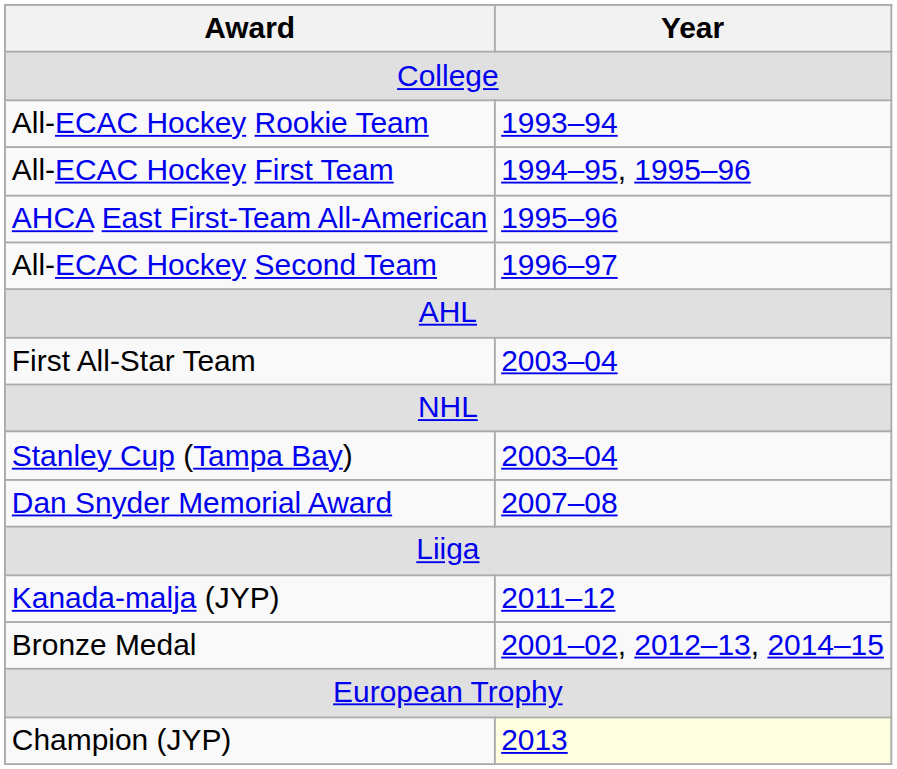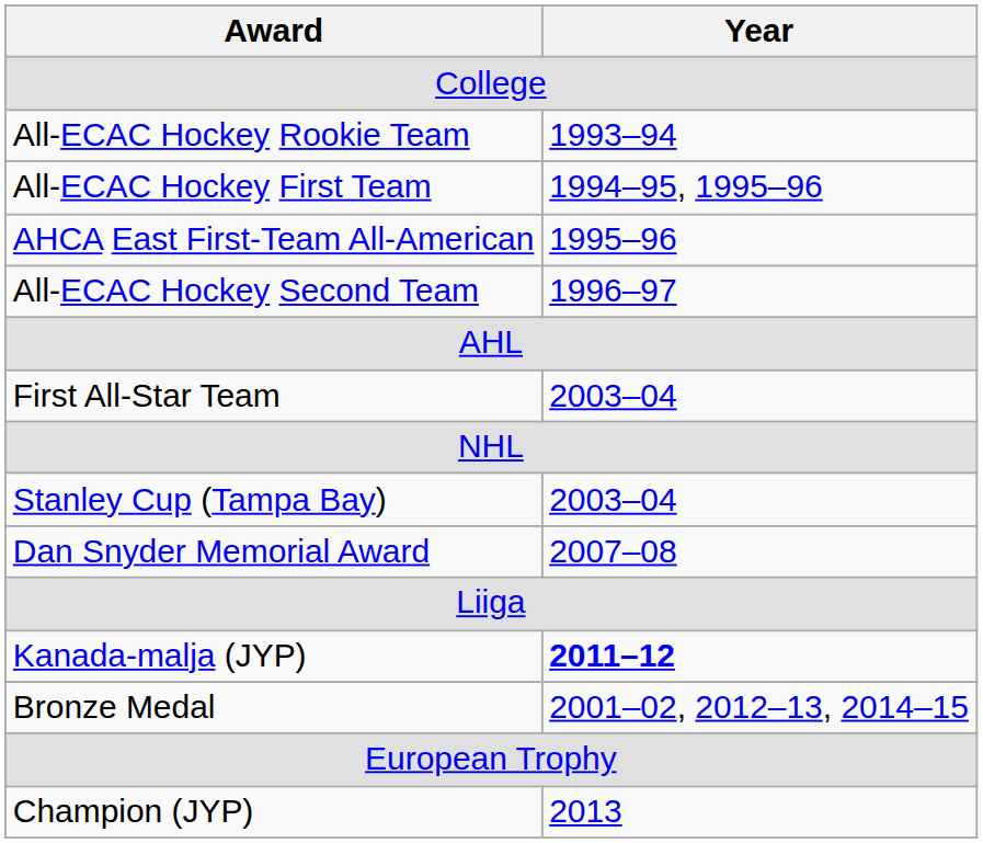 <table class="wikitable">
 <tr>
 <th>Award</th>
 <th>Year</th>
 </tr>
 <tr ALIGN="center" bgcolor="#e0e0e0">
 <td colspan="3"><a href='#'>College</a></td>
 </tr>
 <tr>
 <td>All-<a href='#'>ECAC Hockey</a> <a href='#'>Rookie Team</a></td>
 <td><a href='#'>1993–94</a></td>
 </tr>
 <tr>
 <td>All-<a href='#'>ECAC Hockey</a> <a href='#'>First Team</a></td>
 <td><a href='#'>1994–95</a>, <a href='#'>1995–96</a></td>
 </tr>
 <tr>
 <td><a href='#'>AHCA</a> <a href='#'>East First-Team All-American</a></td>
 <td><a href='#'>1995–96</a></td>
 </tr>
 <tr>
 <td>All-<a href='#'>ECAC Hockey</a> <a href='#'>Second Team</a></td>
 <td><a href='#'>1996–97</a></td>
 </tr>
 <tr ALIGN="center" bgcolor="#e0e0e0">
 <td colspan="3"><a href='#'>AHL</a></td>
 </tr>
 <tr>
 <td>First All-Star Team</td>
 <td><a href='#'>2003–04</a></td>
 </tr>
 <tr ALIGN="center" bgcolor="#e0e0e0">
 <td colspan="3"><a href='#'>NHL</a></td>
 </tr>
 <tr>
 <td><a href='#'>Stanley Cup</a> (<a href='#'>Tampa Bay</a>)</td>
 <td><a href='#'>2003–04</a></td>
 </tr>
 <tr>
 <td><a href='#'>Dan Snyder Memorial Award</a></td>
 <td><a href='#'>2007–08</a></td>
 </tr>
 <tr ALIGN="center" bgcolor="#e0e0e0">
 <td colspan="3"><a href='#'>Liiga</a></td>
 </tr>
 <tr>
 <td> <a href='#'>Kanada-malja</a> (JYP)</td>
-<td><a href='#'>2011–12</a></td>
+<td><strong><a href='#'>2011–12</a></strong></td>
 </tr>
 <tr>
 <td> Bronze Medal</td>
 <td><a href='#'>2001–02</a>, <a href='#'>2012–13</a>, <a href='#'>2014–15</a></td>
 </tr>
 <tr ALIGN="center" bgcolor="#e0e0e0">
 <td colspan="3"><a href='#'>European Trophy</a></td>
 </tr>
 <tr>
 <td> Champion (JYP)</td>
-<td style="background: lightyellow;"><a href='#'>2013</a></td>
+<td><a href='#'>2013</a></td>
 </tr>
 </table>
